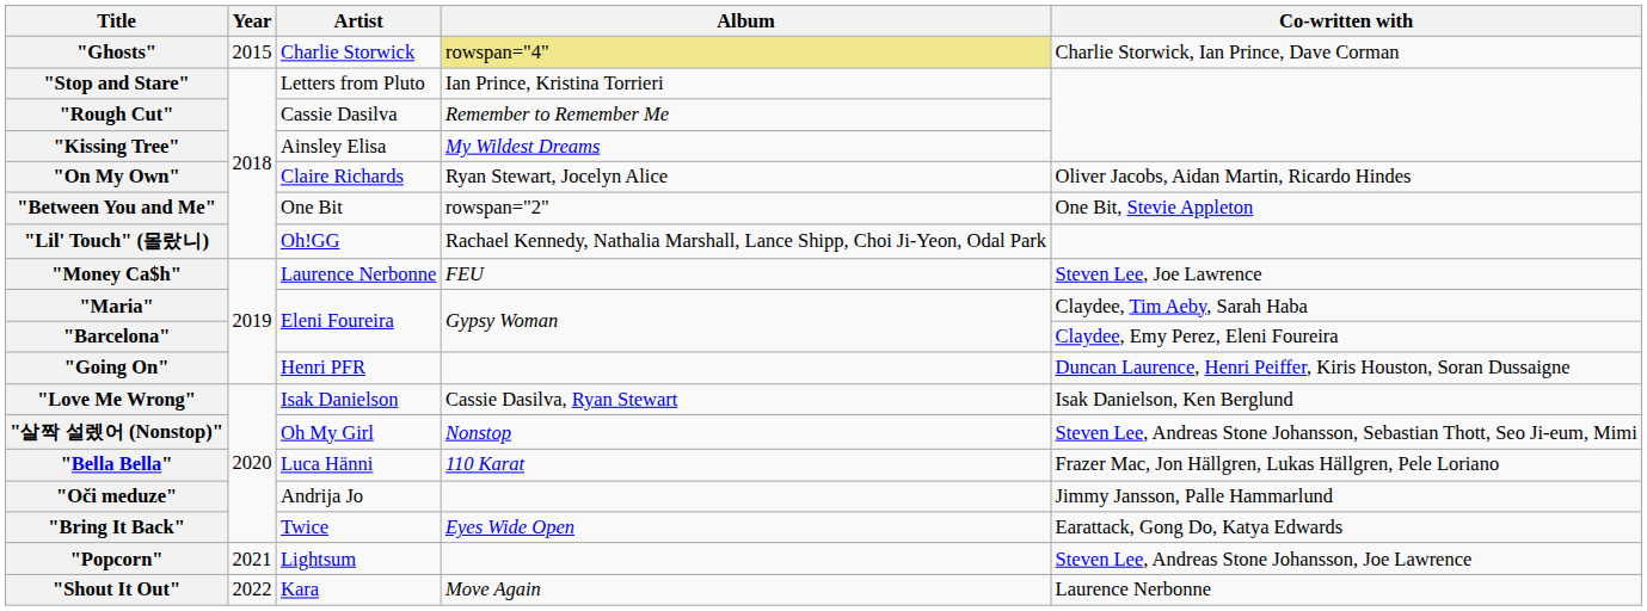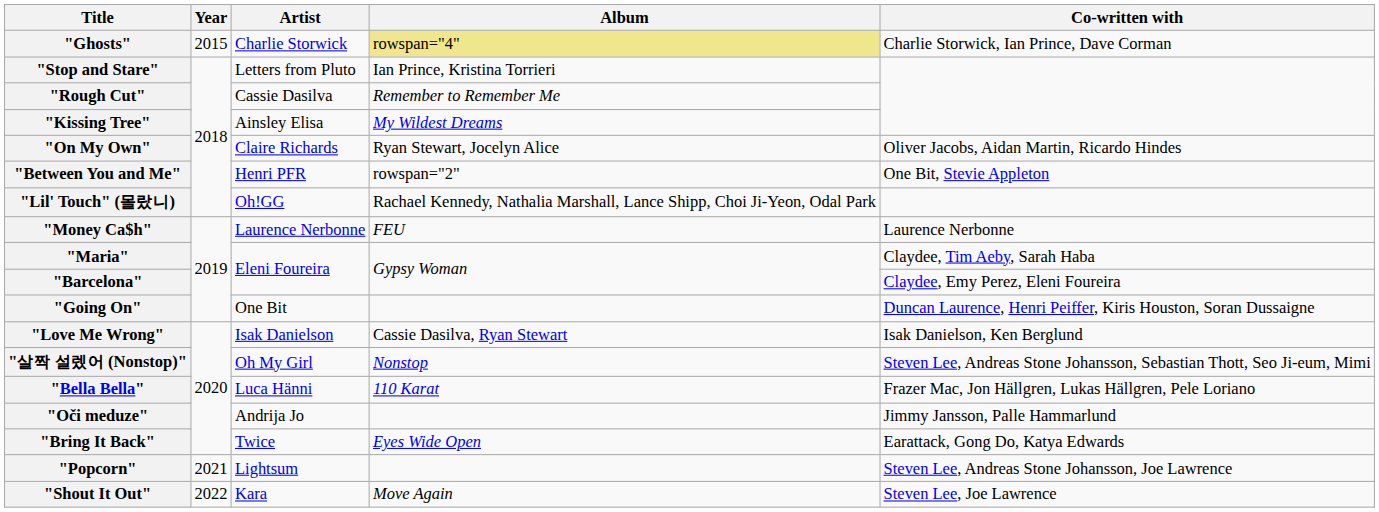 <table class="wikitable plainrowheaders">
 <tr>
 <th scope="col">Title</th>
 <th scope="col">Year</th>
 <th scope="col">Artist</th>
 <th scope="col">Album</th>
 <th scope="col">Co-written with</th>
 </tr>
 <tr>
 <th scope="row">"Ghosts"</th>
 <td>2015</td>
 <td><a href='#'>Charlie Storwick</a></td>
 <td style="background: khaki;">rowspan="4" </td>
 <td>Charlie Storwick, Ian Prince, Dave Corman</td>
 </tr>
 <tr>
 <th scope="row">"Stop and Stare"</th>
 <td rowspan="6">2018</td>
 <td>Letters from Pluto</td>
 <td>Ian Prince, Kristina Torrieri</td>
 </tr>
 <tr>
 <th scope="row">"Rough Cut"</th>
 <td>Cassie Dasilva</td>
 <td><em>Remember to Remember Me</em></td>
 </tr>
 <tr>
 <th scope="row">"Kissing Tree"</th>
 <td>Ainsley Elisa</td>
 <td><em><a href='#'>My Wildest Dreams</a></em></td>
 </tr>
 <tr>
 <th scope="row">"On My Own"</th>
 <td><a href='#'>Claire Richards</a></td>
 <td>Ryan Stewart, Jocelyn Alice</td>
 <td>Oliver Jacobs, Aidan Martin, Ricardo Hindes</td>
 </tr>
 <tr>
 <th scope="row">"Between You and Me"<br></th>
-<td>One Bit</td>
+<td><a href='#'>Henri PFR</a></td>
 <td>rowspan="2" </td>
 <td>One Bit, <a href='#'>Stevie Appleton</a></td>
 </tr>
 <tr>
 <th scope="row">"Lil' Touch" (몰랐니)</th>
 <td><a href='#'>Oh!GG</a></td>
 <td>Rachael Kennedy, Nathalia Marshall, Lance Shipp, Choi Ji-Yeon, Odal Park</td>
 </tr>
 <tr>
 <th scope="row">"Money Ca$h"</th>
 <td rowspan="4">2019</td>
 <td><a href='#'>Laurence Nerbonne</a></td>
 <td><em>FEU</em></td>
-<td><a href='#'>Steven Lee</a>, Joe Lawrence</td>
+<td>Laurence Nerbonne</td>
 </tr>
 <tr>
 <th scope="row">"Maria"</th>
 <td rowspan="2"><a href='#'>Eleni Foureira</a></td>
 <td rowspan="2"><em>Gypsy Woman</em></td>
 <td>Claydee, <a href='#'>Tim Aeby</a>, Sarah Haba</td>
 </tr>
 <tr>
 <th scope="row">"Barcelona"</th>
 <td><a href='#'>Claydee</a>, Emy Perez, Eleni Foureira</td>
 </tr>
 <tr>
 <th scope="row">"Going On"<br></th>
-<td><a href='#'>Henri PFR</a></td>
+<td>One Bit</td>
 <td></td>
 <td><a href='#'>Duncan Laurence</a>, <a href='#'>Henri Peiffer</a>, Kiris Houston, Soran Dussaigne</td>
 </tr>
 <tr>
 <th scope="row">"Love Me Wrong"</th>
 <td rowspan="5">2020</td>
 <td><a href='#'>Isak Danielson</a></td>
 <td>Cassie Dasilva, <a href='#'>Ryan Stewart</a></td>
 <td>Isak Danielson, Ken Berglund</td>
 </tr>
 <tr>
 <th scope="row">"살짝 설렜어 (Nonstop)"</th>
 <td><a href='#'>Oh My Girl</a></td>
 <td><em><a href='#'>Nonstop</a></em></td>
 <td><a href='#'>Steven Lee</a>, Andreas Stone Johansson, Sebastian Thott, Seo Ji-eum, Mimi</td>
 </tr>
 <tr>
 <th scope="row">"<a href='#'>Bella Bella</a>"</th>
 <td><a href='#'>Luca Hänni</a></td>
 <td><em><a href='#'>110 Karat</a></em></td>
 <td>Frazer Mac, Jon Hällgren, Lukas Hällgren, Pele Loriano</td>
 </tr>
 <tr>
 <th scope="row">"Oči meduze"</th>
 <td>Andrija Jo</td>
 <td></td>
 <td>Jimmy Jansson, Palle Hammarlund</td>
 </tr>
 <tr>
 <th scope="row">"Bring It Back"</th>
 <td><a href='#'>Twice</a></td>
 <td><em><a href='#'>Eyes Wide Open</a></em></td>
 <td>Earattack, Gong Do, Katya Edwards</td>
 </tr>
 <tr>
 <th scope="row">"Popcorn"</th>
 <td rowspan="1">2021</td>
 <td><a href='#'>Lightsum</a></td>
 <td></td>
 <td><a href='#'>Steven Lee</a>, Andreas Stone Johansson, Joe Lawrence</td>
 </tr>
 <tr>
 <th scope="row">"Shout It Out"</th>
 <td rowspan="1">2022</td>
 <td><a href='#'>Kara</a></td>
 <td><em>Move Again</em></td>
-<td>Laurence Nerbonne</td>
+<td><a href='#'>Steven Lee</a>, Joe Lawrence</td>
 </tr>
 </table>
